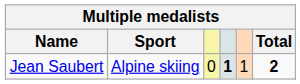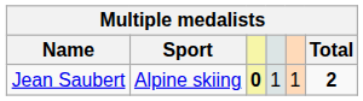 <table class=wikitable style=font-size:85%;float:right;text-align:center>
 <tr>
 <th colspan=6><strong>Multiple medalists</strong></th>
 </tr>
 <tr>
 <th>Name</th>
 <th>Sport</th>
 <td bgcolor=F7F6A8></td>
 <td bgcolor=DCE5E5></td>
 <td bgcolor=FFDAB9></td>
 <th>Total</th>
 </tr>
 <tr>
 <td><a href='#'>Jean Saubert</a></td>
 <td><a href='#'>Alpine skiing</a></td>
-<td bgcolor=F7F6A8>0</td>
-<td bgcolor=DCE5E5><strong>1</strong></td>
+<td bgcolor=F7F6A8><strong>0</strong></td>
+<td bgcolor=DCE5E5>1</td>
 <td bgcolor=FFDAB9>1</td>
 <td><strong>2</strong></td>
 </tr>
 </table>
